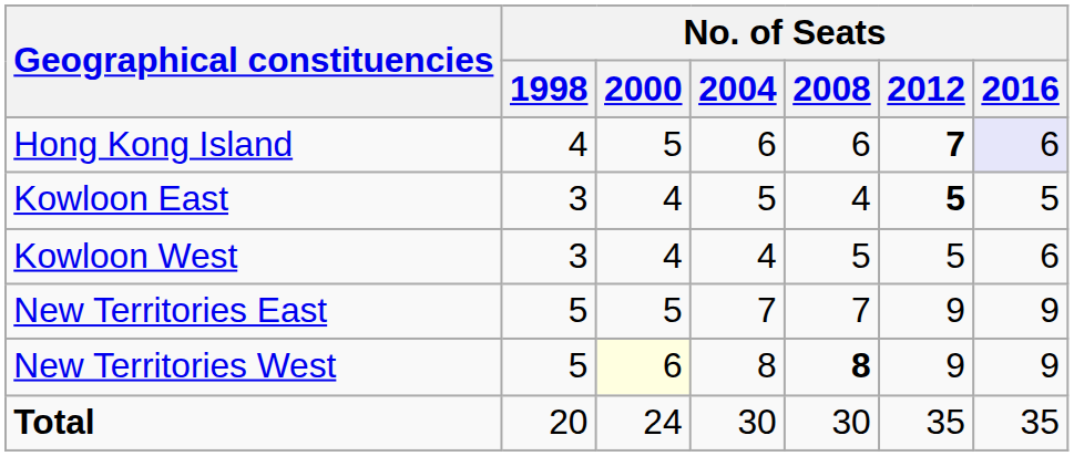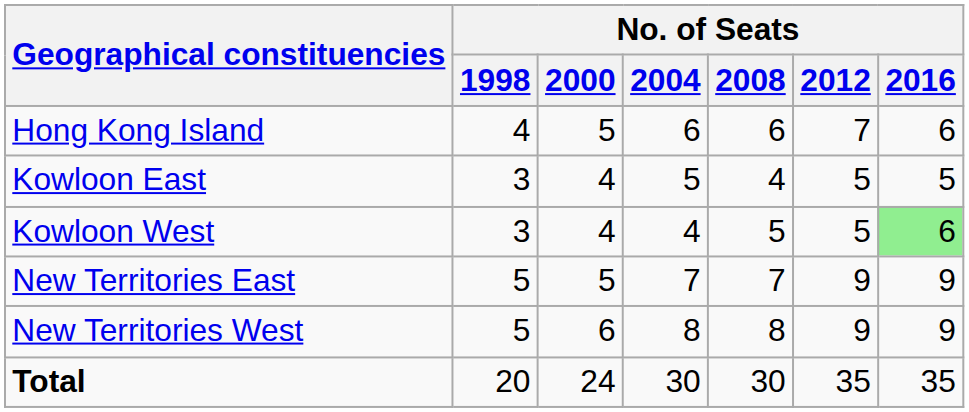 <table class="wikitable">
 <tr>
 <th rowspan=2><a href='#'>Geographical constituencies</a></th>
 <th colspan=7>No. of Seats</th>
 </tr>
 <tr align=right>
 <th><a href='#'>1998</a></th>
 <th><a href='#'>2000</a></th>
 <th><a href='#'>2004</a></th>
 <th><a href='#'>2008</a></th>
 <th><a href='#'>2012</a></th>
 <th><a href='#'>2016</a></th>
 </tr>
 <tr align=right>
 <td align=left><a href='#'>Hong Kong Island</a></td>
 <td>4</td>
 <td>5</td>
 <td>6</td>
 <td>6</td>
-<td><strong>7</strong></td>
-<td style="background: lavender;">6</td>
+<td>7</td>
+<td>6</td>
 </tr>
 <tr align=right>
 <td align=left><a href='#'>Kowloon East</a></td>
 <td>3</td>
 <td>4</td>
 <td>5</td>
 <td>4</td>
-<td><strong>5</strong></td>
+<td>5</td>
 <td>5</td>
 </tr>
 <tr align=right>
 <td align=left><a href='#'>Kowloon West</a></td>
 <td>3</td>
 <td>4</td>
 <td>4</td>
 <td>5</td>
 <td>5</td>
-<td>6</td>
+<td style="background: lightgreen;">6</td>
 </tr>
 <tr align=right>
 <td align=left><a href='#'>New Territories East</a></td>
 <td>5</td>
 <td>5</td>
 <td>7</td>
 <td>7</td>
 <td>9</td>
 <td>9</td>
 </tr>
 <tr align=right>
 <td align=left><a href='#'>New Territories West</a></td>
 <td>5</td>
-<td style="background: lightyellow;">6</td>
+<td>6</td>
 <td>8</td>
-<td><strong>8</strong></td>
+<td>8</td>
 <td>9</td>
 <td>9</td>
 </tr>
 <tr align=right>
 <td align=left><strong>Total</strong></td>
 <td>20</td>
 <td>24</td>
 <td>30</td>
 <td>30</td>
 <td>35</td>
 <td>35</td>
 </tr>
 </table>
